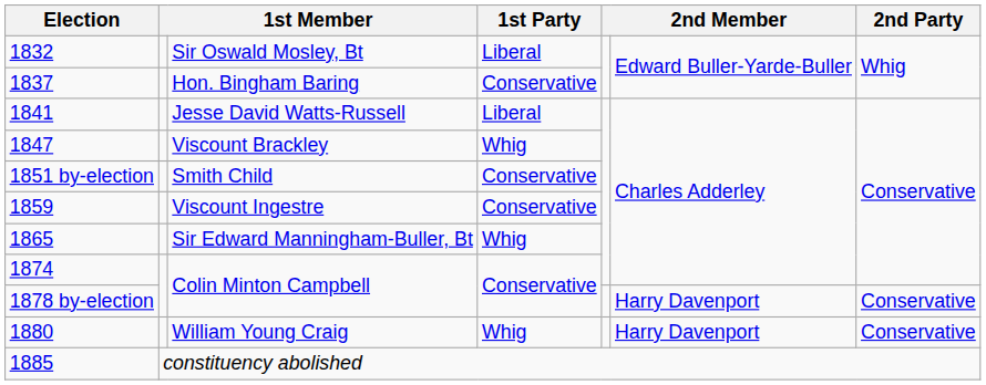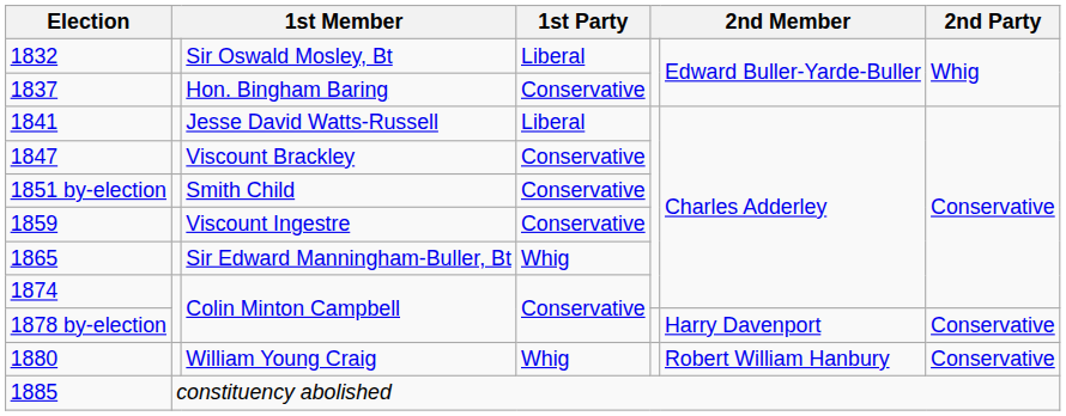 <table class="wikitable">
 <tr>
 <th>Election</th>
 <th colspan="2">1st Member</th>
 <th>1st Party</th>
 <th colspan="2">2nd Member</th>
 <th>2nd Party</th>
 </tr>
 <tr>
 <td><a href='#'>1832</a></td>
 <td style="color:inherit;background-color: "></td>
 <td><a href='#'>Sir Oswald Mosley, Bt</a></td>
 <td><a href='#'>Liberal</a></td>
 <td rowspan="2" style="color:inherit;background-color: "></td>
 <td rowspan="2"><a href='#'>Edward Buller-Yarde-Buller</a></td>
 <td rowspan="2"><a href='#'>Whig</a></td>
 </tr>
 <tr>
 <td><a href='#'>1837</a></td>
 <td style="color:inherit;background-color: "></td>
 <td><a href='#'>Hon. Bingham Baring</a></td>
 <td><a href='#'>Conservative</a></td>
 </tr>
 <tr>
 <td><a href='#'>1841</a></td>
 <td style="color:inherit;background-color: "></td>
 <td><a href='#'>Jesse David Watts-Russell</a></td>
 <td><a href='#'>Liberal</a></td>
 <td rowspan="6" style="color:inherit;background-color: "></td>
 <td rowspan="6"><a href='#'>Charles Adderley</a></td>
 <td rowspan="6"><a href='#'>Conservative</a></td>
 </tr>
 <tr>
 <td><a href='#'>1847</a></td>
 <td style="color:inherit;background-color: "></td>
 <td><a href='#'>Viscount Brackley</a></td>
-<td><a href='#'>Whig</a></td>
+<td><a href='#'>Conservative</a></td>
 </tr>
 <tr>
 <td><a href='#'>1851 by-election</a></td>
 <td style="color:inherit;background-color: "></td>
 <td><a href='#'>Smith Child</a></td>
 <td><a href='#'>Conservative</a></td>
 </tr>
 <tr>
 <td><a href='#'>1859</a></td>
 <td style="color:inherit;background-color: "></td>
 <td><a href='#'>Viscount Ingestre</a></td>
 <td><a href='#'>Conservative</a></td>
 </tr>
 <tr>
 <td><a href='#'>1865</a></td>
 <td style="color:inherit;background-color: "></td>
 <td><a href='#'>Sir Edward Manningham-Buller, Bt</a></td>
 <td><a href='#'>Whig</a></td>
 </tr>
 <tr>
 <td><a href='#'>1874</a></td>
 <td rowspan="2" style="color:inherit;background-color: "></td>
 <td rowspan="2"><a href='#'>Colin Minton Campbell</a></td>
 <td rowspan="2"><a href='#'>Conservative</a></td>
 </tr>
 <tr>
 <td><a href='#'>1878 by-election</a></td>
 <td style="color:inherit;background-color: "></td>
 <td><a href='#'>Harry Davenport</a></td>
 <td><a href='#'>Conservative</a></td>
 </tr>
 <tr>
 <td><a href='#'>1880</a></td>
 <td style="color:inherit;background-color: "></td>
 <td><a href='#'>William Young Craig</a></td>
 <td><a href='#'>Whig</a></td>
 <td style="color:inherit;background-color: "></td>
-<td><a href='#'>Harry Davenport</a></td>
+<td><a href='#'>Robert William Hanbury</a></td>
 <td><a href='#'>Conservative</a></td>
 </tr>
 <tr>
 <td><a href='#'>1885</a></td>
 <td colspan="6"><em>constituency abolished</em></td>
 </tr>
 </table>
